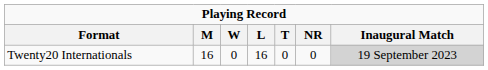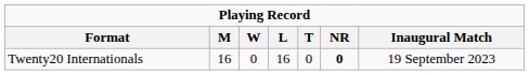 <table class="wikitable" style="text-align: center; width: 600px;">
 <tr>
 <td colspan=7 align="center"><strong>Playing Record</strong></td>
 </tr>
 <tr>
 <th>Format</th>
 <th>M</th>
 <th>W</th>
 <th>L</th>
 <th>T</th>
 <th>NR</th>
 <th>Inaugural Match</th>
 </tr>
 <tr>
 <td align="left">Twenty20 Internationals</td>
 <td>16</td>
 <td>0</td>
 <td>16</td>
 <td>0</td>
-<td>0</td>
-<td style="background: lightgrey;">19 September 2023</td>
+<td><strong>0</strong></td>
+<td>19 September 2023</td>
 </tr>
 </table>
